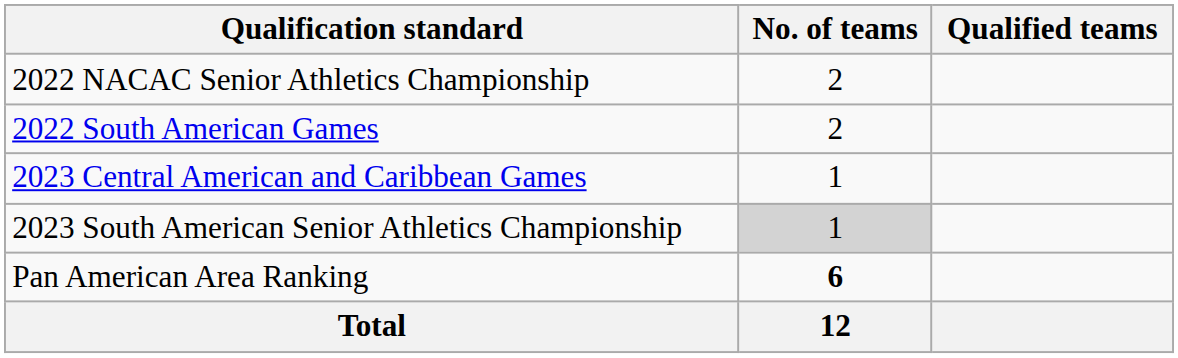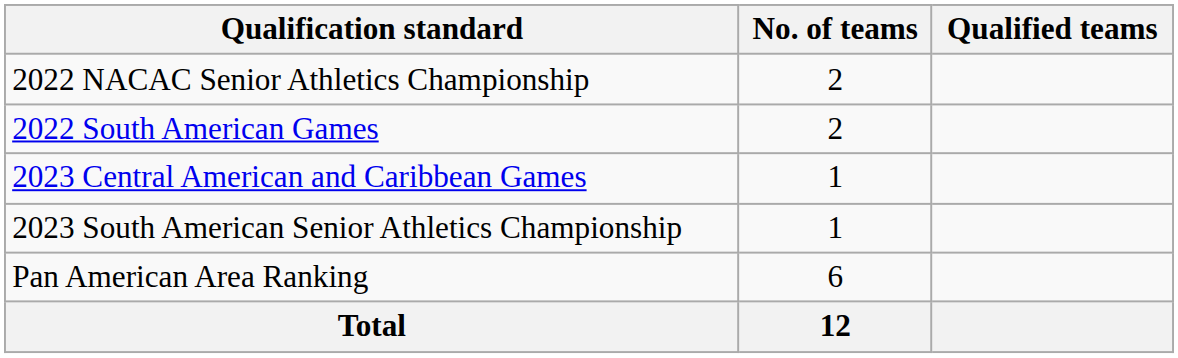 <table class="wikitable" style="text-align:left; width:600px;">
 <tr>
 <th>Qualification standard</th>
 <th>No. of teams</th>
 <th>Qualified teams</th>
 </tr>
 <tr>
 <td>2022 NACAC Senior Athletics Championship</td>
 <td align=center>2</td>
 <td><br></td>
 </tr>
 <tr>
 <td><a href='#'>2022 South American Games</a></td>
 <td align=center>2</td>
 <td><br></td>
 </tr>
 <tr>
 <td><a href='#'>2023 Central American and Caribbean Games</a></td>
 <td align=center>1</td>
 <td></td>
 </tr>
 <tr>
 <td>2023 South American Senior Athletics Championship</td>
-<td align=center style="background: lightgrey;">1</td>
+<td align=center>1</td>
 <td></td>
 </tr>
 <tr>
 <td>Pan American Area Ranking</td>
-<td align=center><strong>6</strong></td>
+<td align=center>6</td>
 <td></td>
 </tr>
 <tr>
 <th>Total</th>
 <th>12</th>
 <th colspan=2></th>
 </tr>
 </table>
